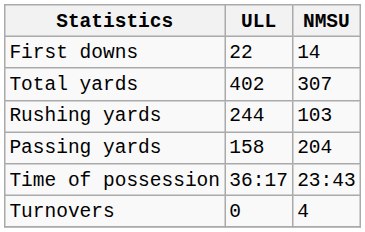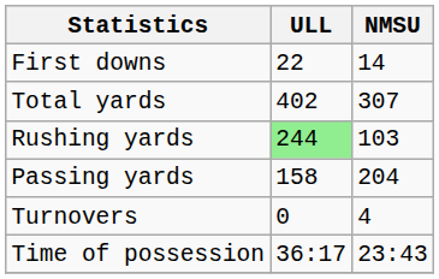 <table class="wikitable">
 <tr>
 <th>Statistics</th>
 <th>ULL</th>
 <th>NMSU</th>
 </tr>
 <tr>
 <td>First downs</td>
 <td>22</td>
 <td>14</td>
 </tr>
 <tr>
 <td>Total yards</td>
 <td>402</td>
 <td>307</td>
 </tr>
 <tr>
 <td>Rushing yards</td>
-<td>244</td>
+<td style="background: lightgreen;">244</td>
 <td>103</td>
 </tr>
 <tr>
 <td>Passing yards</td>
 <td>158</td>
 <td>204</td>
 </tr>
 <tr>
+<td>Turnovers</td>
+<td>0</td>
+<td>4</td>
+</tr>
+<tr>
 <td>Time of possession</td>
 <td>36:17</td>
 <td>23:43</td>
 </tr>
 <tr>
-<td>Turnovers</td>
-<td>0</td>
-<td>4</td>
-</tr>
-<tr>
 </tr>
 </table>
